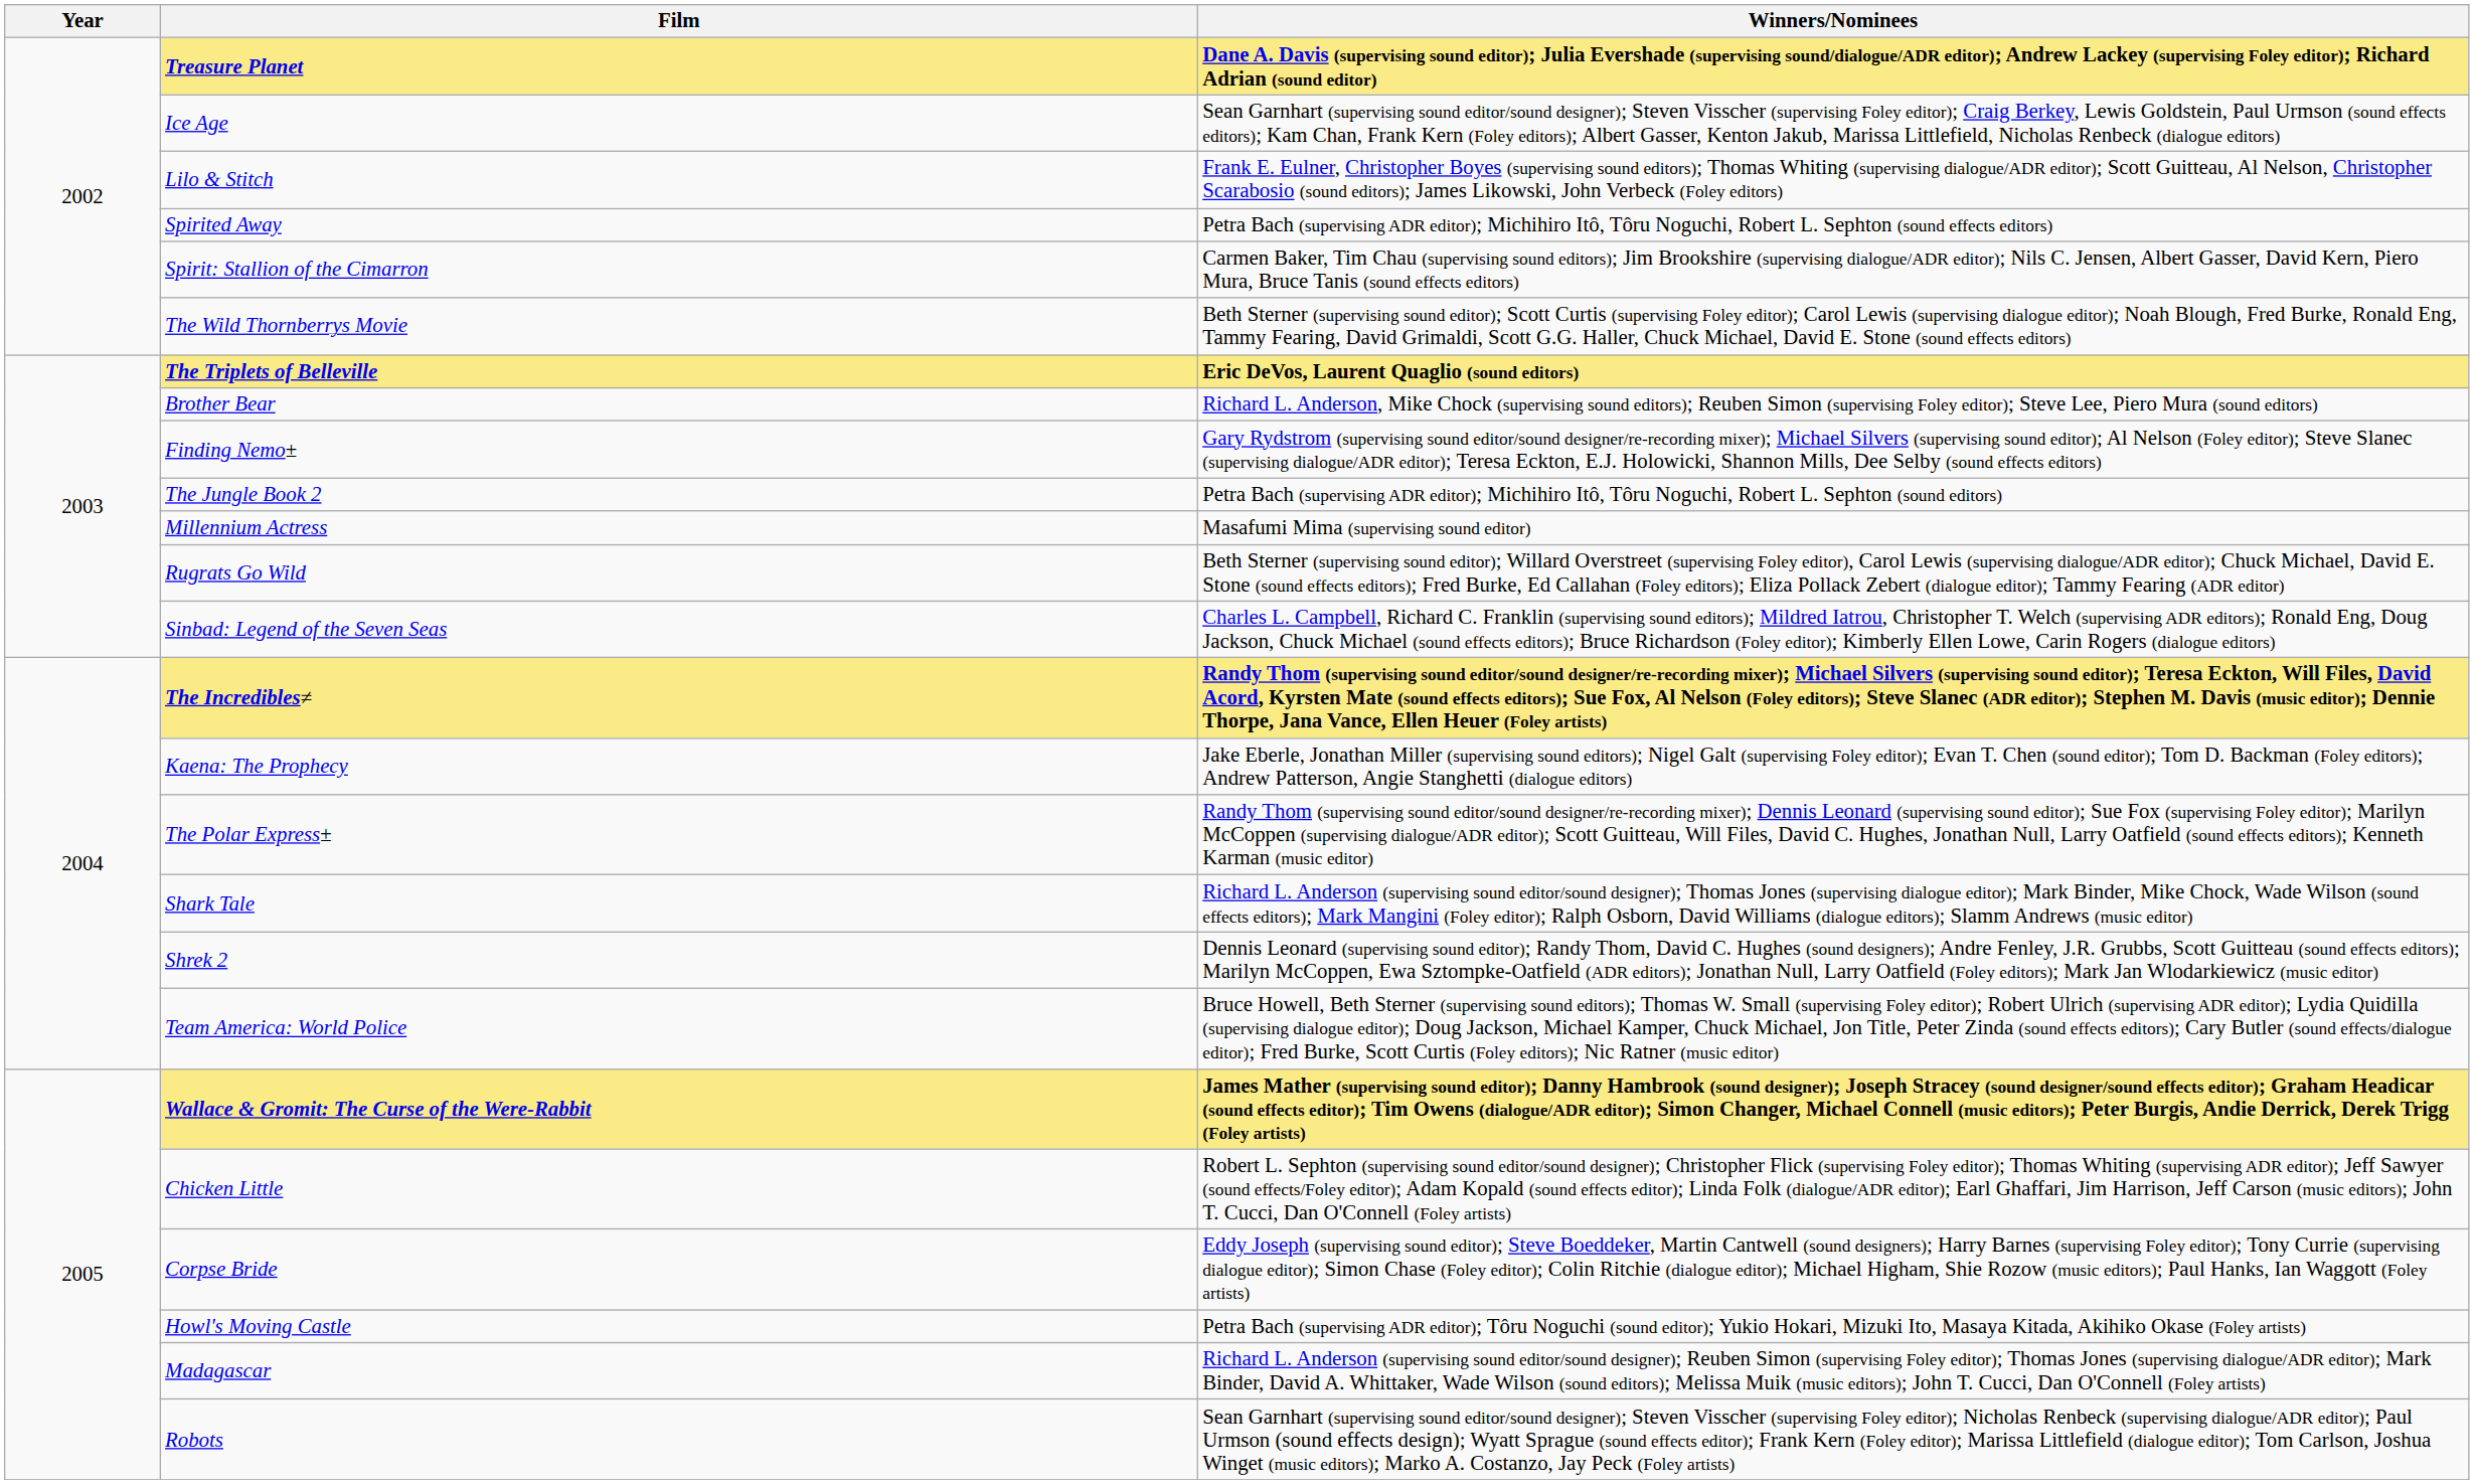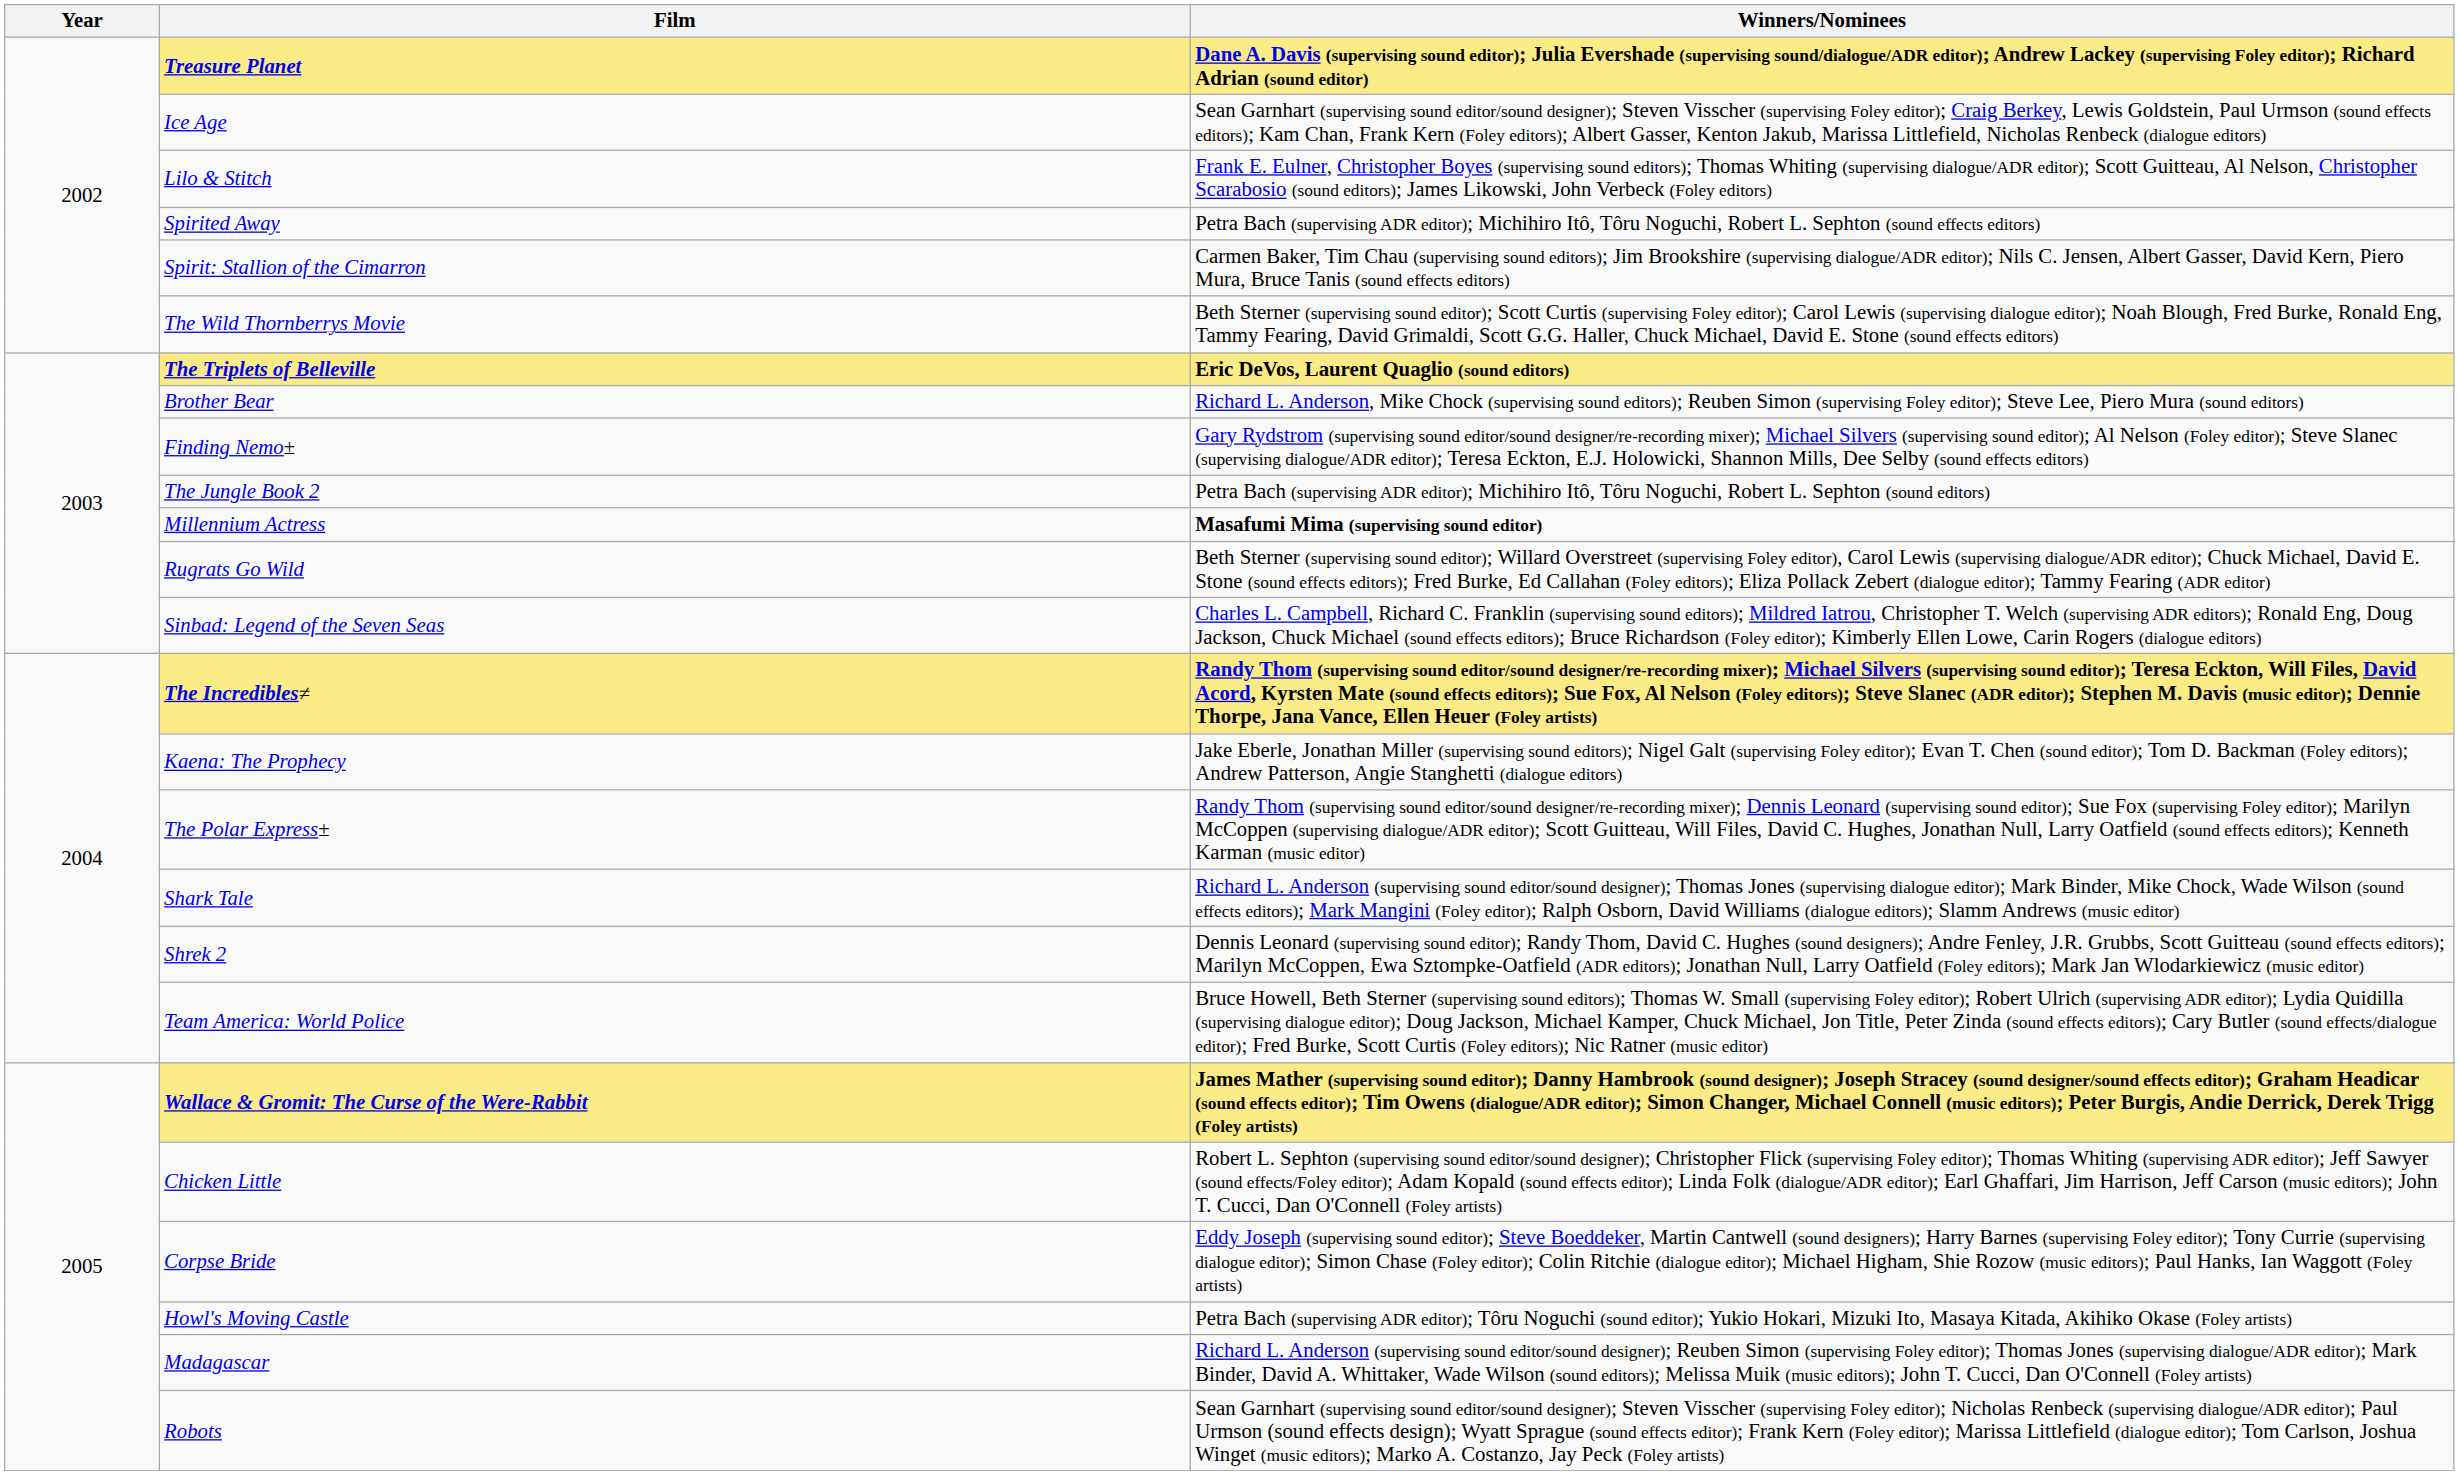 <table class="wikitable" width="95%" cellpadding="5">
 <tr>
 <th width="6%">Year</th>
 <th width="40%">Film</th>
 <th width="49%">Winners/Nominees</th>
 </tr>
 <tr>
 <td rowspan=6 style="text-align:center">2002<br></td>
 <td style="background:#FAEB86;"><strong><em><a href='#'>Treasure Planet</a></em></strong></td>
 <td style="background:#FAEB86;"><strong><a href='#'>Dane A. Davis</a> <small>(supervising sound editor)</small>; Julia Evershade <small>(supervising sound/dialogue/ADR editor)</small>; Andrew Lackey <small>(supervising Foley editor)</small>; Richard Adrian <small>(sound editor)</small></strong></td>
 </tr>
 <tr>
 <td><em><a href='#'>Ice Age</a></em></td>
 <td>Sean Garnhart <small>(supervising sound editor/sound designer)</small>; Steven Visscher <small>(supervising Foley editor)</small>; <a href='#'>Craig Berkey</a>, Lewis Goldstein, Paul Urmson <small>(sound effects editors)</small>; Kam Chan, Frank Kern <small>(Foley editors)</small>; Albert Gasser, Kenton Jakub, Marissa Littlefield, Nicholas Renbeck <small>(dialogue editors)</small></td>
 </tr>
 <tr>
 <td><em><a href='#'>Lilo & Stitch</a></em></td>
 <td><a href='#'>Frank E. Eulner</a>, <a href='#'>Christopher Boyes</a> <small>(supervising sound editors)</small>; Thomas Whiting <small>(supervising dialogue/ADR editor)</small>; Scott Guitteau, Al Nelson, <a href='#'>Christopher Scarabosio</a> <small>(sound editors)</small>; James Likowski, John Verbeck <small>(Foley editors)</small></td>
 </tr>
 <tr>
 <td><em><a href='#'>Spirited Away</a></em></td>
 <td>Petra Bach <small>(supervising ADR editor)</small>; Michihiro Itô, Tôru Noguchi, Robert L. Sephton <small>(sound effects editors)</small></td>
 </tr>
 <tr>
 <td><em><a href='#'>Spirit: Stallion of the Cimarron</a></em></td>
 <td>Carmen Baker, Tim Chau <small>(supervising sound editors)</small>; Jim Brookshire <small>(supervising dialogue/ADR editor)</small>; Nils C. Jensen, Albert Gasser, David Kern, Piero Mura, Bruce Tanis <small>(sound effects editors)</small></td>
 </tr>
 <tr>
 <td><em><a href='#'>The Wild Thornberrys Movie</a></em></td>
 <td>Beth Sterner <small>(supervising sound editor)</small>; Scott Curtis <small>(supervising Foley editor)</small>; Carol Lewis <small>(supervising dialogue editor)</small>; Noah Blough, Fred Burke, Ronald Eng, Tammy Fearing, David Grimaldi, Scott G.G. Haller, Chuck Michael, David E. Stone <small>(sound effects editors)</small></td>
 </tr>
 <tr>
 <td rowspan=7 style="text-align:center">2003<br></td>
 <td style="background:#FAEB86;"><strong><em><a href='#'>The Triplets of Belleville</a></em></strong></td>
 <td style="background:#FAEB86;"><strong>Eric DeVos, Laurent Quaglio <small>(sound editors)</small></strong></td>
 </tr>
 <tr>
 <td><em><a href='#'>Brother Bear</a></em></td>
 <td><a href='#'>Richard L. Anderson</a>, Mike Chock <small>(supervising sound editors)</small>; Reuben Simon <small>(supervising Foley editor)</small>; Steve Lee, Piero Mura <small>(sound editors)</small></td>
 </tr>
 <tr>
 <td><em><a href='#'>Finding Nemo</a></em>±</td>
 <td><a href='#'>Gary Rydstrom</a> <small>(supervising sound editor/sound designer/re-recording mixer)</small>; <a href='#'>Michael Silvers</a> <small>(supervising sound editor)</small>; Al Nelson <small>(Foley editor)</small>; Steve Slanec <small>(supervising dialogue/ADR editor)</small>; Teresa Eckton, E.J. Holowicki, Shannon Mills, Dee Selby <small>(sound effects editors)</small></td>
 </tr>
 <tr>
 <td><em><a href='#'>The Jungle Book 2</a></em></td>
 <td>Petra Bach <small>(supervising ADR editor)</small>; Michihiro Itô, Tôru Noguchi, Robert L. Sephton <small>(sound editors)</small></td>
 </tr>
 <tr>
 <td><em><a href='#'>Millennium Actress</a></em></td>
-<td>Masafumi Mima <small>(supervising sound editor)</small></td>
+<td><strong>Masafumi Mima <small>(supervising sound editor)</small></strong></td>
 </tr>
 <tr>
 <td><em><a href='#'>Rugrats Go Wild</a></em></td>
 <td>Beth Sterner <small>(supervising sound editor)</small>; Willard Overstreet <small>(supervising Foley editor)</small>, Carol Lewis <small>(supervising dialogue/ADR editor)</small>; Chuck Michael, David E. Stone <small>(sound effects editors)</small>; Fred Burke, Ed Callahan <small>(Foley editors)</small>; Eliza Pollack Zebert <small>(dialogue editor)</small>; Tammy Fearing <small>(ADR editor)</small></td>
 </tr>
 <tr>
 <td><em><a href='#'>Sinbad: Legend of the Seven Seas</a></em></td>
 <td><a href='#'>Charles L. Campbell</a>, Richard C. Franklin <small>(supervising sound editors)</small>; <a href='#'>Mildred Iatrou</a>, Christopher T. Welch <small>(supervising ADR editors)</small>; Ronald Eng, Doug Jackson, Chuck Michael <small>(sound effects editors)</small>; Bruce Richardson <small>(Foley editor)</small>; Kimberly Ellen Lowe, Carin Rogers <small>(dialogue editors)</small></td>
 </tr>
 <tr>
 <td rowspan=6 style="text-align:center">2004<br></td>
 <td style="background:#FAEB86;"><strong><em><a href='#'>The Incredibles</a></em></strong>≠</td>
 <td style="background:#FAEB86;"><strong><a href='#'>Randy Thom</a> <small>(supervising sound editor/sound designer/re-recording mixer)</small>; <a href='#'>Michael Silvers</a> <small>(supervising sound editor)</small>; Teresa Eckton, Will Files, <a href='#'>David Acord</a>, Kyrsten Mate <small>(sound effects editors)</small>; Sue Fox, Al Nelson <small>(Foley editors)</small>; Steve Slanec <small>(ADR editor)</small>; Stephen M. Davis <small>(music editor)</small>; Dennie Thorpe, Jana Vance, Ellen Heuer <small>(Foley artists)</small></strong></td>
 </tr>
 <tr>
 <td><em><a href='#'>Kaena: The Prophecy</a></em></td>
 <td>Jake Eberle, Jonathan Miller <small>(supervising sound editors)</small>; Nigel Galt <small>(supervising Foley editor)</small>; Evan T. Chen <small>(sound editor)</small>; Tom D. Backman <small>(Foley editors)</small>; Andrew Patterson, Angie Stanghetti <small>(dialogue editors)</small></td>
 </tr>
 <tr>
 <td><em><a href='#'>The Polar Express</a></em>±</td>
 <td><a href='#'>Randy Thom</a> <small>(supervising sound editor/sound designer/re-recording mixer)</small>; <a href='#'>Dennis Leonard</a> <small>(supervising sound editor)</small>; Sue Fox <small>(supervising Foley editor)</small>; Marilyn McCoppen <small>(supervising dialogue/ADR editor)</small>; Scott Guitteau, Will Files, David C. Hughes, Jonathan Null, Larry Oatfield <small>(sound effects editors)</small>; Kenneth Karman <small>(music editor)</small></td>
 </tr>
 <tr>
 <td><em><a href='#'>Shark Tale</a></em></td>
 <td><a href='#'>Richard L. Anderson</a> <small>(supervising sound editor/sound designer)</small>; Thomas Jones <small>(supervising dialogue editor)</small>; Mark Binder, Mike Chock, Wade Wilson <small>(sound effects editors)</small>; <a href='#'>Mark Mangini</a> <small>(Foley editor)</small>; Ralph Osborn, David Williams <small>(dialogue editors)</small>; Slamm Andrews <small>(music editor)</small></td>
 </tr>
 <tr>
 <td><em><a href='#'>Shrek 2</a></em></td>
 <td>Dennis Leonard <small>(supervising sound editor)</small>; Randy Thom, David C. Hughes <small> (sound designers)</small>; Andre Fenley, J.R. Grubbs, Scott Guitteau <small>(sound effects editors)</small>; Marilyn McCoppen, Ewa Sztompke-Oatfield <small>(ADR editors)</small>; Jonathan Null, Larry Oatfield <small>(Foley editors)</small>; Mark Jan Wlodarkiewicz <small>(music editor)</small></td>
 </tr>
 <tr>
 <td><em><a href='#'>Team America: World Police</a></em></td>
 <td>Bruce Howell, Beth Sterner <small>(supervising sound editors)</small>; Thomas W. Small <small>(supervising Foley editor)</small>; Robert Ulrich <small>(supervising ADR editor)</small>; Lydia Quidilla <small>(supervising dialogue editor)</small>; Doug Jackson, Michael Kamper, Chuck Michael, Jon Title, Peter Zinda <small>(sound effects editors)</small>; Cary Butler <small>(sound effects/dialogue editor)</small>; Fred Burke, Scott Curtis <small>(Foley editors)</small>; Nic Ratner <small>(music editor)</small></td>
 </tr>
 <tr>
 <td rowspan=6 style="text-align:center">2005<br></td>
 <td style="background:#FAEB86;"><strong><em><a href='#'>Wallace & Gromit: The Curse of the Were-Rabbit</a></em></strong></td>
 <td style="background:#FAEB86;"><strong>James Mather <small>(supervising sound editor)</small>; Danny Hambrook <small>(sound designer)</small>; Joseph Stracey <small>(sound designer/sound effects editor)</small>; Graham Headicar <small>(sound effects editor)</small>; Tim Owens <small>(dialogue/ADR editor)</small>; Simon Changer, Michael Connell <small>(music editors)</small>; Peter Burgis, Andie Derrick, Derek Trigg <small>(Foley artists)</small></strong></td>
 </tr>
 <tr>
 <td><em><a href='#'>Chicken Little</a></em></td>
 <td>Robert L. Sephton <small>(supervising sound editor/sound designer)</small>; Christopher Flick <small>(supervising Foley editor)</small>; Thomas Whiting <small>(supervising ADR editor)</small>; Jeff Sawyer <small>(sound effects/Foley editor)</small>; Adam Kopald <small>(sound effects editor)</small>; Linda Folk <small>(dialogue/ADR editor)</small>; Earl Ghaffari, Jim Harrison, Jeff Carson <small>(music editors)</small>; John T. Cucci, Dan O'Connell <small>(Foley artists)</small></td>
 </tr>
 <tr>
 <td><em><a href='#'>Corpse Bride</a></em></td>
 <td><a href='#'>Eddy Joseph</a> <small>(supervising sound editor)</small>; <a href='#'>Steve Boeddeker</a>, Martin Cantwell <small>(sound designers)</small>; Harry Barnes <small>(supervising Foley editor)</small>; Tony Currie <small>(supervising dialogue editor)</small>; Simon Chase <small>(Foley editor)</small>; Colin Ritchie <small>(dialogue editor)</small>; Michael Higham, Shie Rozow <small>(music editors)</small>; Paul Hanks, Ian Waggott <small>(Foley artists)</small></td>
 </tr>
 <tr>
 <td><em><a href='#'>Howl's Moving Castle</a></em></td>
 <td>Petra Bach <small>(supervising ADR editor)</small>; Tôru Noguchi <small>(sound editor)</small>; Yukio Hokari, Mizuki Ito, Masaya Kitada, Akihiko Okase <small>(Foley artists)</small></td>
 </tr>
 <tr>
 <td><em><a href='#'>Madagascar</a></em></td>
 <td><a href='#'>Richard L. Anderson</a> <small>(supervising sound editor/sound designer)</small>; Reuben Simon <small>(supervising Foley editor)</small>; Thomas Jones <small>(supervising dialogue/ADR editor)</small>; Mark Binder, David A. Whittaker, Wade Wilson <small>(sound editors)</small>; Melissa Muik <small>(music editors)</small>; John T. Cucci, Dan O'Connell <small>(Foley artists)</small></td>
 </tr>
 <tr>
 <td><em><a href='#'>Robots</a></em></td>
 <td>Sean Garnhart <small>(supervising sound editor/sound designer)</small>; Steven Visscher <small>(supervising Foley editor)</small>; Nicholas Renbeck <small>(supervising dialogue/ADR editor)</small>; Paul Urmson (sound effects design); Wyatt Sprague <small>(sound effects editor)</small>; Frank Kern <small>(Foley editor)</small>; Marissa Littlefield <small>(dialogue editor)</small>; Tom Carlson, Joshua Winget <small>(music editors)</small>; Marko A. Costanzo, Jay Peck <small>(Foley artists)</small></td>
 </tr>
 <tr>
 </tr>
 </table>
